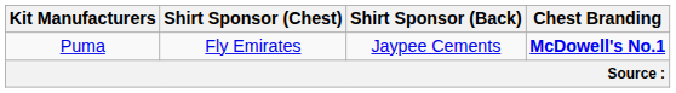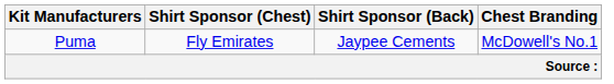 <table class="wikitable" style="text-align: center;">
 <tr>
 <th>Kit Manufacturers</th>
 <th>Shirt Sponsor (Chest)</th>
 <th>Shirt Sponsor (Back)</th>
 <th>Chest Branding</th>
 </tr>
 <tr>
 <td><a href='#'>Puma</a></td>
 <td><a href='#'>Fly Emirates</a></td>
 <td><a href='#'>Jaypee Cements</a></td>
-<td><strong><a href='#'>McDowell's No.1</a></strong></td>
+<td><a href='#'>McDowell's No.1</a></td>
 </tr>
 <tr>
 <th colspan="4" style="text-align:right;"><small>Source :</small></th>
 </tr>
 </table>
